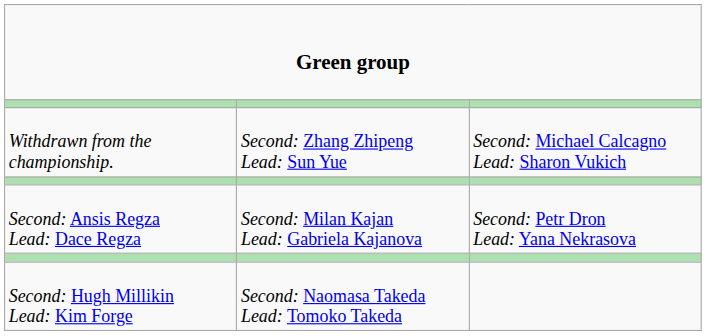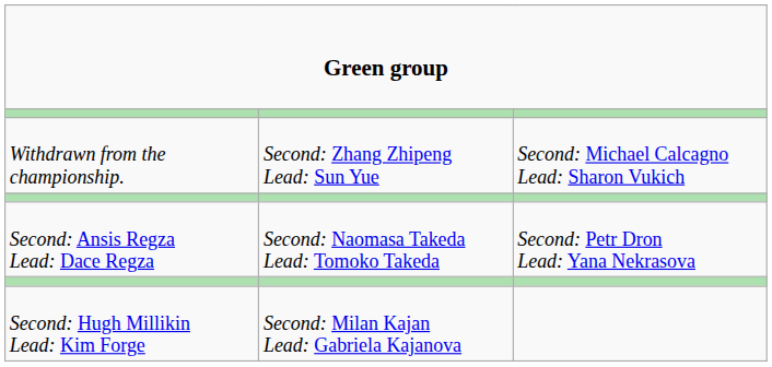 <table class="wikitable">
 <tr>
 <td align=center colspan="3"><br><h3>Green group</h3></td>
 </tr>
 <tr>
 <th style="background: #ACE1AF;" width="200"></th>
 <th style="background: #ACE1AF;" width="200"></th>
 <th style="background: #ACE1AF;" width="200"></th>
 </tr>
 <tr>
 <td><br><em>Withdrawn from the championship.</em></td>
 <td><br><em>Second:</em> <a href='#'>Zhang Zhipeng</a><br> <em>Lead:</em> <a href='#'>Sun Yue</a></td>
 <td><br><em>Second:</em> <a href='#'>Michael Calcagno</a><br> <em>Lead:</em> <a href='#'>Sharon Vukich</a></td>
 </tr>
 <tr>
 <th style="background: #ACE1AF;" width="200"></th>
 <th style="background: #ACE1AF;" width="200"></th>
 <th style="background: #ACE1AF;" width="200"></th>
 </tr>
 <tr>
 <td><br><em>Second:</em> <a href='#'>Ansis Regza</a><br> <em>Lead:</em> <a href='#'>Dace Regza</a></td>
-<td><br><em>Second:</em> <a href='#'>Milan Kajan</a><br> <em>Lead:</em> <a href='#'>Gabriela Kajanova</a></td>
+<td><br><em>Second:</em> <a href='#'>Naomasa Takeda</a><br> <em>Lead:</em> <a href='#'>Tomoko Takeda</a></td>
 <td><br><em>Second:</em> <a href='#'>Petr Dron</a><br> <em>Lead:</em> <a href='#'>Yana Nekrasova</a></td>
 </tr>
 <tr>
 <th style="background: #ACE1AF;" width="200"></th>
 <th style="background: #ACE1AF;" width="200"></th>
 <th style="background: #ACE1AF;" width="200"></th>
 </tr>
 <tr>
 <td><br><em>Second:</em> <a href='#'>Hugh Millikin</a><br> <em>Lead:</em> <a href='#'>Kim Forge</a></td>
-<td><br><em>Second:</em> <a href='#'>Naomasa Takeda</a><br> <em>Lead:</em> <a href='#'>Tomoko Takeda</a></td>
+<td><br><em>Second:</em> <a href='#'>Milan Kajan</a><br> <em>Lead:</em> <a href='#'>Gabriela Kajanova</a></td>
 </tr>
 </table>
